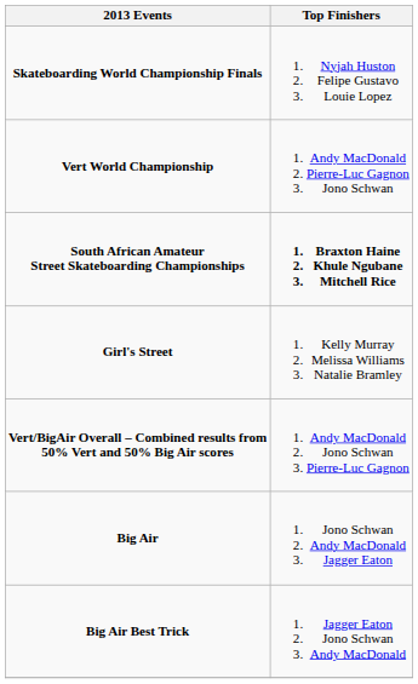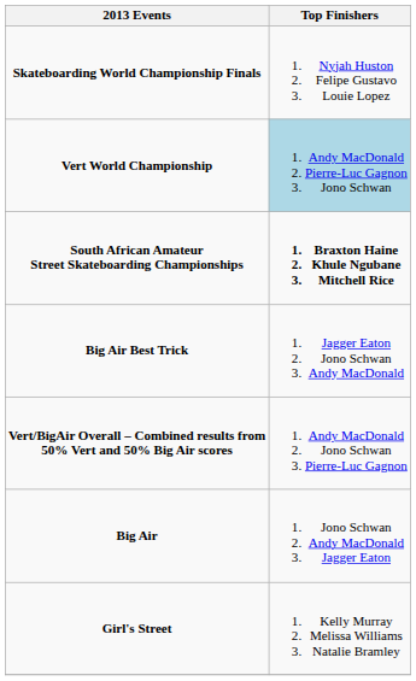 <table class="wikitable plainrowheaders" style="text-align:center;">
 <tr>
 <th scope="col" rowspan="1">2013 Events</th>
 <th scope="col" rowspan="1">Top Finishers</th>
 </tr>
 <tr>
 <td rowspan="1"><strong>Skateboarding World Championship Finals</strong></td>
 <td><br><ol><li> <a href='#'>Nyjah Huston</a></li><li> Felipe Gustavo</li><li> Louie Lopez</li></ol></td>
 </tr>
 <tr>
 <td rowspan="1"><strong>Vert World Championship</strong></td>
-<td><br><ol><li> <a href='#'>Andy MacDonald</a></li><li> <a href='#'>Pierre-Luc Gagnon</a></li><li> Jono Schwan</li></ol></td>
+<td style="background: lightblue;"><br><ol><li> <a href='#'>Andy MacDonald</a></li><li> <a href='#'>Pierre-Luc Gagnon</a></li><li> Jono Schwan</li></ol></td>
 </tr>
 <tr>
 <td rowspan="1"><strong>South African Amateur</strong><br><strong>Street Skateboarding Championships</strong></td>
 <td><strong><br><ol><li> Braxton Haine</li><li> Khule Ngubane</li><li> Mitchell Rice</li></ol></strong></td>
 </tr>
 <tr>
-<td rowspan="1"><strong>Girl's Street</strong></td>
-<td><br><ol><li> Kelly Murray</li><li> Melissa Williams</li><li> Natalie Bramley</li></ol></td>
+<td rowspan="1"><strong>Big Air Best Trick</strong></td>
+<td><br><ol><li> <a href='#'>Jagger Eaton</a></li><li> Jono Schwan</li><li> <a href='#'>Andy MacDonald</a></li></ol></td>
 </tr>
 <tr>
 <td rowspan="1"><strong>Vert/BigAir Overall – Combined results from</strong><br><strong>50% Vert and 50% Big Air scores</strong></td>
 <td><br><ol><li> <a href='#'>Andy MacDonald</a></li><li> Jono Schwan</li><li> <a href='#'>Pierre-Luc Gagnon</a></li></ol></td>
 </tr>
 <tr>
 <td rowspan="1"><strong>Big Air</strong></td>
 <td><br><ol><li> Jono Schwan</li><li> <a href='#'>Andy MacDonald</a></li><li> <a href='#'>Jagger Eaton</a></li></ol></td>
 </tr>
 <tr>
-<td rowspan="1"><strong>Big Air Best Trick</strong></td>
-<td><br><ol><li> <a href='#'>Jagger Eaton</a></li><li> Jono Schwan</li><li> <a href='#'>Andy MacDonald</a></li></ol></td>
+<td rowspan="1"><strong>Girl's Street</strong></td>
+<td><br><ol><li> Kelly Murray</li><li> Melissa Williams</li><li> Natalie Bramley</li></ol></td>
 </tr>
 <tr>
 </tr>
 </table>
